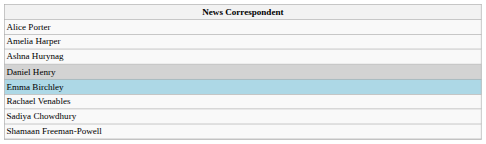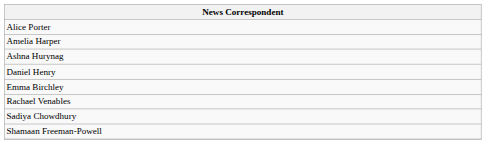 <table class="wikitable" style="font-size:90%; width:60%;">
 <tr>
 <th scope="col" style="width: 25%;">News Correspondent</th>
 </tr>
 <tr>
 <td>Alice Porter</td>
 </tr>
 <tr>
 <td>Amelia Harper</td>
 </tr>
 <tr>
 <td>Ashna Hurynag</td>
 </tr>
 <tr>
-<td style="background: lightgrey;">Daniel Henry</td>
+<td>Daniel Henry</td>
 </tr>
 <tr>
-<td style="background: lightblue;">Emma Birchley</td>
+<td>Emma Birchley</td>
 </tr>
 <tr>
 <td>Rachael Venables</td>
 </tr>
 <tr>
 <td>Sadiya Chowdhury</td>
 </tr>
 <tr>
 <td>Shamaan Freeman-Powell</td>
 </tr>
 <tr>
 </tr>
 </table>
